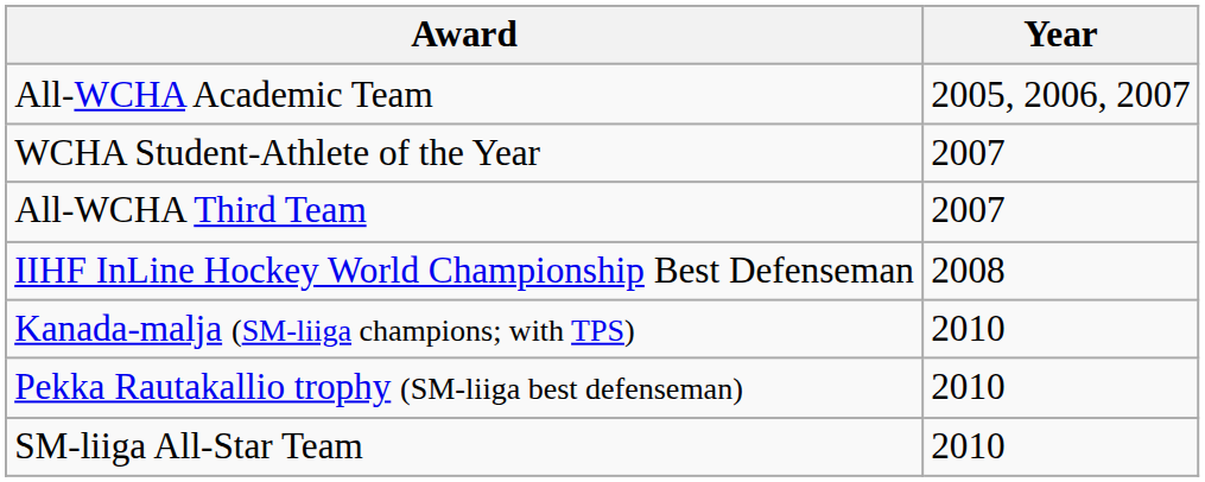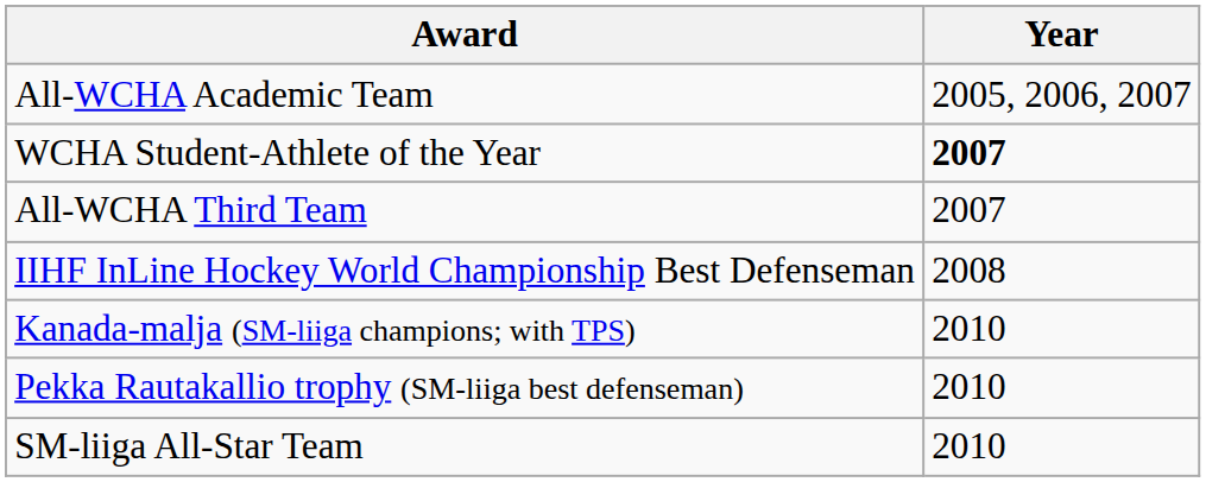 <table class="wikitable" border="1">
 <tr>
 <th>Award</th>
 <th>Year</th>
 </tr>
 <tr>
 <td>All-<a href='#'>WCHA</a> Academic Team</td>
 <td>2005, 2006, 2007</td>
 </tr>
 <tr>
 <td>WCHA Student-Athlete of the Year</td>
-<td>2007</td>
+<td><strong>2007</strong></td>
 </tr>
 <tr>
 <td>All-WCHA <a href='#'>Third Team</a></td>
 <td>2007</td>
 </tr>
 <tr>
 <td><a href='#'>IIHF InLine Hockey World Championship</a> Best Defenseman</td>
 <td>2008</td>
 </tr>
 <tr>
 <td><a href='#'>Kanada-malja</a> <small>(<a href='#'>SM-liiga</a> champions; with <a href='#'>TPS</a>)</small></td>
 <td>2010</td>
 </tr>
 <tr>
 <td><a href='#'>Pekka Rautakallio trophy</a> <small>(SM-liiga best defenseman)</small></td>
 <td>2010</td>
 </tr>
 <tr>
 <td>SM-liiga All-Star Team</td>
 <td>2010</td>
 </tr>
 </table>
